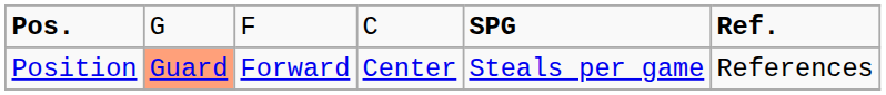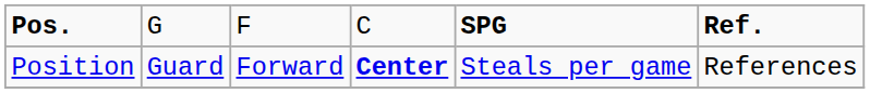 <table class="wikitable">
 <tr>
 <td><strong>Pos.</strong></td>
 <td>G</td>
 <td>F</td>
 <td>C</td>
 <td><strong>SPG</strong></td>
 <td><strong>Ref.</strong></td>
 </tr>
 <tr>
 <td><a href='#'>Position</a></td>
-<td style="background: lightsalmon;"><a href='#'>Guard</a></td>
+<td><a href='#'>Guard</a></td>
 <td><a href='#'>Forward</a></td>
-<td><a href='#'>Center</a></td>
+<td><strong><a href='#'>Center</a></strong></td>
 <td><a href='#'>Steals per game</a></td>
 <td>References</td>
 </tr>
 <tr>
 </tr>
 </table>
